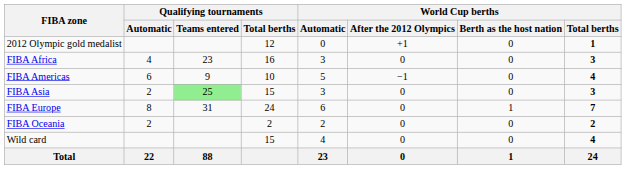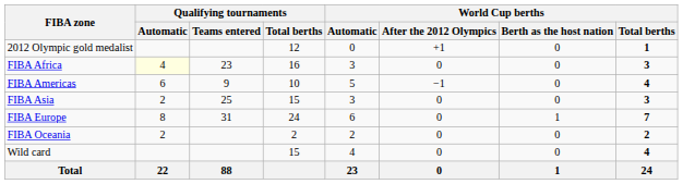 <table class=wikitable style="text-align:center;">
 <tr>
 <th rowspan=2>FIBA zone</th>
 <th colspan=3>Qualifying tournaments</th>
 <th colspan=4>World Cup berths</th>
 </tr>
 <tr>
 <th>Automatic</th>
 <th>Teams entered</th>
 <th>Total berths</th>
 <th>Automatic</th>
 <th>After the 2012 Olympics</th>
 <th>Berth as the host nation</th>
 <th>Total berths</th>
 </tr>
 <tr>
 <td align=left>2012 Olympic gold medalist</td>
 <td></td>
 <td></td>
 <td>12</td>
 <td>0</td>
 <td>+1</td>
 <td>0</td>
 <td><strong>1</strong></td>
 </tr>
 <tr>
 <td align=left><a href='#'>FIBA Africa</a></td>
-<td>4</td>
+<td style="background: lightyellow;">4</td>
 <td>23</td>
 <td>16</td>
 <td>3</td>
 <td>0</td>
 <td>0</td>
 <td><strong>3</strong></td>
 </tr>
 <tr>
 <td align=left><a href='#'>FIBA Americas</a></td>
 <td>6</td>
 <td>9</td>
 <td>10</td>
 <td>5</td>
 <td>−1</td>
 <td>0</td>
 <td><strong>4</strong></td>
 </tr>
 <tr>
 <td align=left><a href='#'>FIBA Asia</a></td>
 <td>2</td>
-<td style="background: lightgreen;">25</td>
+<td>25</td>
 <td>15</td>
 <td>3</td>
 <td>0</td>
 <td>0</td>
 <td><strong>3</strong></td>
 </tr>
 <tr>
 <td align=left><a href='#'>FIBA Europe</a></td>
 <td>8</td>
 <td>31</td>
 <td>24</td>
 <td>6</td>
 <td>0</td>
 <td>1</td>
 <td><strong>7</strong></td>
 </tr>
 <tr>
 <td align=left><a href='#'>FIBA Oceania</a></td>
 <td>2</td>
 <td></td>
 <td>2</td>
 <td>2</td>
 <td>0</td>
 <td>0</td>
 <td><strong>2</strong></td>
 </tr>
 <tr>
 <td align=left>Wild card</td>
 <td></td>
 <td></td>
 <td>15</td>
 <td>4</td>
 <td>0</td>
 <td>0</td>
 <td><strong>4</strong></td>
 </tr>
 <tr>
 <th>Total</th>
 <th>22</th>
 <th>88</th>
 <th></th>
 <th>23</th>
 <th>0</th>
 <th>1</th>
 <th>24</th>
 </tr>
 </table>
